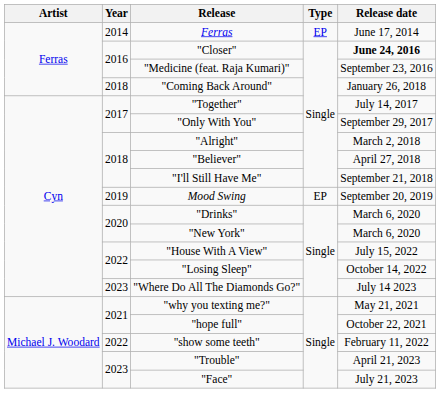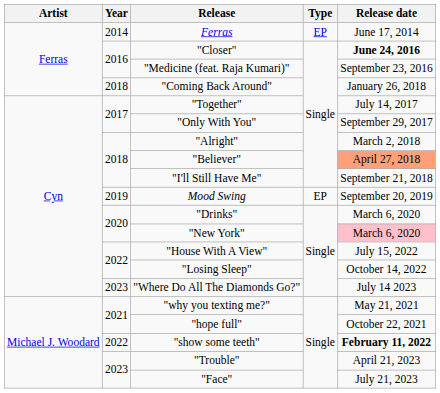 <table class="wikitable" style="text-align:center;">
 <tr>
 <th>Artist</th>
 <th>Year</th>
 <th>Release</th>
 <th>Type</th>
 <th>Release date</th>
 </tr>
 <tr>
 <td rowspan="4"><a href='#'>Ferras</a></td>
 <td>2014</td>
 <td><em><a href='#'>Ferras</a></em></td>
 <td align="center"><a href='#'>EP</a></td>
 <td align="center">June 17, 2014</td>
 </tr>
 <tr>
 <td rowspan="2">2016</td>
 <td>"Closer"</td>
 <td rowspan="8">Single</td>
 <td><strong>June 24, 2016</strong></td>
 </tr>
 <tr>
 <td>"Medicine (feat. Raja Kumari)"</td>
 <td>September 23, 2016</td>
 </tr>
 <tr>
 <td>2018</td>
 <td>"Coming Back Around"</td>
 <td>January 26, 2018</td>
 </tr>
 <tr>
 <td rowspan="11"><a href='#'>Cyn</a></td>
 <td rowspan="2">2017</td>
 <td>"Together"</td>
 <td>July 14, 2017</td>
 </tr>
 <tr>
 <td>"Only With You"</td>
 <td>September 29, 2017</td>
 </tr>
 <tr>
 <td rowspan="3">2018</td>
 <td>"Alright"</td>
 <td>March 2, 2018</td>
 </tr>
 <tr>
 <td>"Believer"</td>
-<td>April 27, 2018</td>
+<td style="background: lightsalmon;">April 27, 2018</td>
 </tr>
 <tr>
 <td>"I'll Still Have Me"</td>
 <td>September 21, 2018</td>
 </tr>
 <tr>
 <td>2019</td>
 <td><em>Mood Swing</em></td>
 <td>EP</td>
 <td>September 20, 2019</td>
 </tr>
 <tr>
 <td rowspan="2">2020</td>
 <td>"Drinks"</td>
 <td rowspan="5">Single</td>
 <td>March 6, 2020</td>
 </tr>
 <tr>
 <td>"New York"</td>
-<td>March 6, 2020</td>
+<td style="background: pink;">March 6, 2020</td>
 </tr>
 <tr>
 <td rowspan="2">2022</td>
 <td>"House With A View"</td>
 <td>July 15, 2022</td>
 </tr>
 <tr>
 <td>"Losing Sleep"</td>
 <td>October 14, 2022</td>
 </tr>
 <tr>
 <td rowspan="1">2023</td>
 <td>"Where Do All The Diamonds Go?"</td>
 <td>July 14 2023</td>
 </tr>
 <tr>
 <td rowspan="5"><a href='#'>Michael J. Woodard</a></td>
 <td rowspan="2">2021</td>
 <td>"why you texting me?"</td>
 <td rowspan="5">Single</td>
 <td>May 21, 2021</td>
 </tr>
 <tr>
 <td>"hope full"</td>
 <td>October 22, 2021</td>
 </tr>
 <tr>
 <td rowspan="1">2022</td>
 <td>"show some teeth"</td>
-<td>February 11, 2022</td>
+<td><strong>February 11, 2022</strong></td>
 </tr>
 <tr>
 <td rowspan="2">2023</td>
 <td>"Trouble"</td>
 <td>April 21, 2023</td>
 </tr>
 <tr>
 <td>"Face"</td>
 <td>July 21, 2023</td>
 </tr>
 </table>
